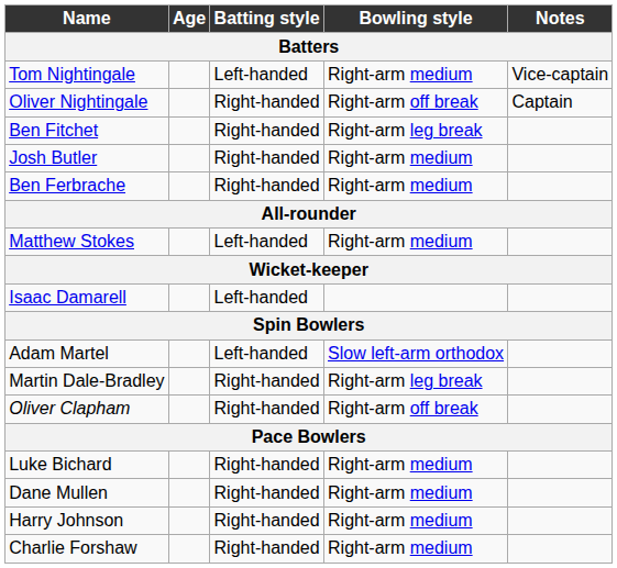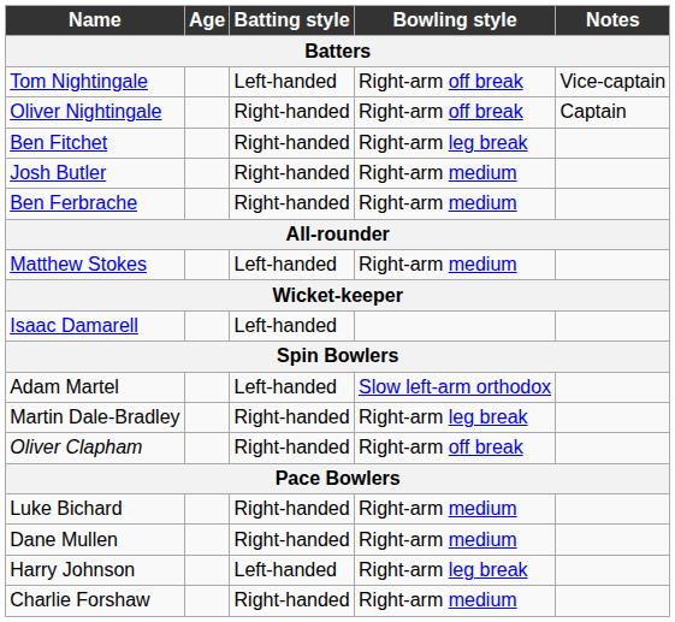 <table class="wikitable">
 <tr>
 <th style="text-align:center; background:#333333; color:white;">Name</th>
 <th style="text-align:center; background:#333333; color:white;">Age</th>
 <th style="text-align:center; background:#333333; color:white;">Batting style</th>
 <th style="text-align:center; background:#333333; color:white;">Bowling style</th>
 <th style="text-align:center; background:#333333; color:white;">Notes</th>
 </tr>
 <tr>
 <th colspan="5">Batters</th>
 </tr>
 <tr>
 <td><a href='#'>Tom Nightingale</a></td>
 <td></td>
 <td>Left-handed</td>
-<td>Right-arm <a href='#'>medium</a></td>
+<td>Right-arm <a href='#'>off break</a></td>
 <td>Vice-captain</td>
 </tr>
 <tr>
 <td><a href='#'>Oliver Nightingale</a></td>
 <td></td>
 <td>Right-handed</td>
 <td>Right-arm <a href='#'>off break</a></td>
 <td>Captain</td>
 </tr>
 <tr>
 <td><a href='#'>Ben Fitchet</a></td>
 <td></td>
 <td>Right-handed</td>
 <td>Right-arm <a href='#'>leg break</a></td>
 <td></td>
 </tr>
 <tr>
 <td><a href='#'>Josh Butler</a></td>
 <td></td>
 <td>Right-handed</td>
 <td>Right-arm <a href='#'>medium</a></td>
 <td></td>
 </tr>
 <tr>
 <td><a href='#'>Ben Ferbrache</a></td>
 <td></td>
 <td>Right-handed</td>
 <td>Right-arm <a href='#'>medium</a></td>
 <td></td>
 </tr>
 <tr>
 <th colspan="5">All-rounder</th>
 </tr>
 <tr>
 <td><a href='#'>Matthew Stokes</a></td>
 <td></td>
 <td>Left-handed</td>
 <td>Right-arm <a href='#'>medium</a></td>
 <td></td>
 </tr>
 <tr>
 <th colspan="5">Wicket-keeper</th>
 </tr>
 <tr>
 <td><a href='#'>Isaac Damarell</a></td>
 <td></td>
 <td>Left-handed</td>
 <td></td>
 <td></td>
 </tr>
 <tr>
 <th colspan="5">Spin Bowlers</th>
 </tr>
 <tr>
 <td>Adam Martel</td>
 <td></td>
 <td>Left-handed</td>
 <td><a href='#'>Slow left-arm orthodox</a></td>
 <td></td>
 </tr>
 <tr>
 <td>Martin Dale-Bradley</td>
 <td></td>
 <td>Right-handed</td>
 <td>Right-arm <a href='#'>leg break</a></td>
 <td></td>
 </tr>
 <tr>
 <td><em>Oliver Clapham</em></td>
 <td></td>
 <td>Right-handed</td>
 <td>Right-arm <a href='#'>off break</a></td>
 <td></td>
 </tr>
 <tr>
 <th colspan="5">Pace Bowlers</th>
 </tr>
 <tr>
 <td>Luke Bichard</td>
 <td></td>
 <td>Right-handed</td>
 <td>Right-arm <a href='#'>medium</a></td>
 <td></td>
 </tr>
 <tr>
 <td>Dane Mullen</td>
 <td></td>
 <td>Right-handed</td>
 <td>Right-arm <a href='#'>medium</a></td>
 <td></td>
 </tr>
 <tr>
 <td>Harry Johnson</td>
 <td></td>
-<td>Right-handed</td>
-<td>Right-arm <a href='#'>medium</a></td>
+<td>Left-handed</td>
+<td>Right-arm <a href='#'>leg break</a></td>
 <td></td>
 </tr>
 <tr>
 <td>Charlie Forshaw</td>
 <td></td>
 <td>Right-handed</td>
 <td>Right-arm <a href='#'>medium</a></td>
 <td></td>
 </tr>
 </table>
